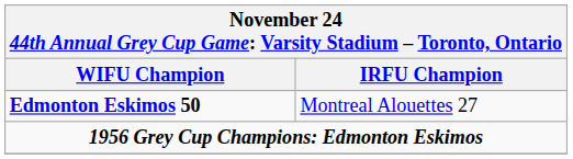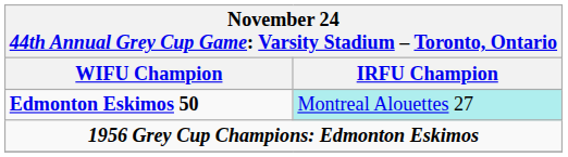 <table class="wikitable" valign="top">
 <tr>
 <th bgcolor="#DDDDDD" colspan="4">November 24<br><em><a href='#'>44th Annual Grey Cup Game</a></em>: <a href='#'>Varsity Stadium</a> – <a href='#'>Toronto, Ontario</a></th>
 </tr>
 <tr>
 <th><a href='#'>WIFU Champion</a></th>
 <th><a href='#'>IRFU Champion</a></th>
 </tr>
 <tr>
 <td><strong><a href='#'>Edmonton Eskimos</a> 50</strong></td>
-<td><a href='#'>Montreal Alouettes</a> 27</td>
+<td style="background: paleturquoise;"><a href='#'>Montreal Alouettes</a> 27</td>
 </tr>
 <tr>
 <td align="center" colspan="4"><strong><em>1956 Grey Cup Champions: Edmonton Eskimos</em></strong></td>
 </tr>
 <tr>
 </tr>
 </table>
